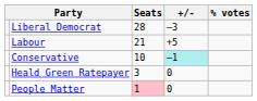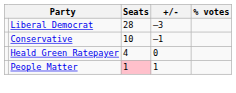 <table class="wikitable">
 <tr>
 <th colspan="2">Party</th>
 <th>Seats</th>
 <th>  +/-  </th>
 <th>% votes</th>
 </tr>
 <tr>
 <td style="background-color: "></td>
 <td><a href='#'>Liberal Democrat</a></td>
 <td>28</td>
 <td>–3</td>
 <td></td>
 </tr>
 <tr>
 <td style="background-color: "></td>
-<td><a href='#'>Labour</a></td>
-<td>21</td>
-<td>+5</td>
-<td></td>
-</tr>
-<tr>
-<td style="background-color: "></td>
 <td><a href='#'>Conservative</a></td>
 <td>10</td>
-<td style="background: paleturquoise;">–1</td>
+<td>–1</td>
 <td></td>
 </tr>
 <tr>
 <td style="background-color: "></td>
 <td><a href='#'>Heald Green Ratepayer</a></td>
-<td>3</td>
+<td>4</td>
 <td>0</td>
 <td></td>
 </tr>
 <tr>
 <td style="background-color: "></td>
 <td><a href='#'>People Matter</a></td>
 <td style="background: pink;">1</td>
-<td>0</td>
+<td>1</td>
 <td></td>
 </tr>
 </table>
